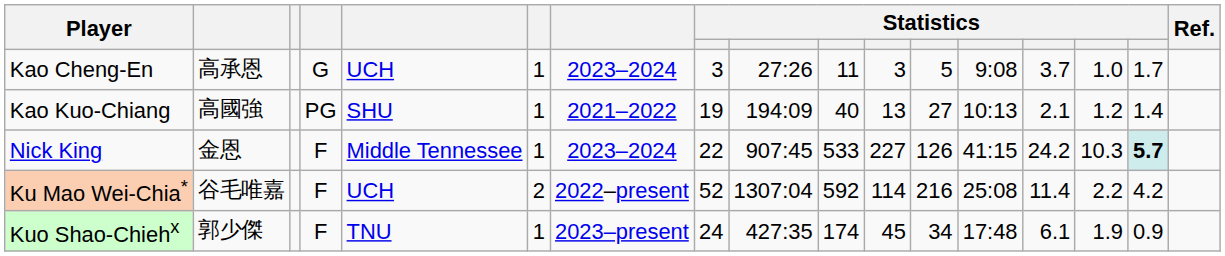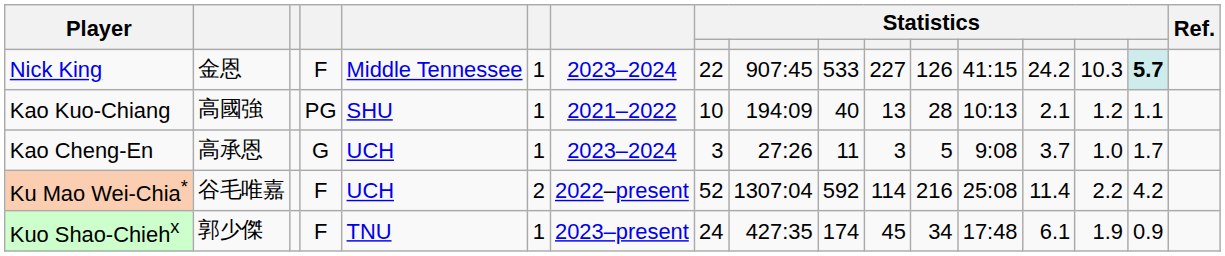 <table class="wikitable sortable" style="font-size:95%; text-align:right;">
 <tr>
 <th rowspan="2">Player</th>
 <th rowspan="2"></th>
 <th rowspan="2"></th>
 <th rowspan="2"></th>
 <th rowspan="2"></th>
 <th rowspan="2"></th>
 <th rowspan="2"></th>
 <th colspan="9">Statistics</th>
 <th rowspan="2">Ref.</th>
 </tr>
 <tr>
 <th></th>
 <th></th>
 <th></th>
 <th></th>
 <th></th>
 <th></th>
 <th></th>
 <th></th>
 <th></th>
 </tr>
 <tr>
+<td align="left"><a href='#'>Nick King</a></td>
+<td align="left">金恩</td>
+<td align="center"></td>
+<td align="center">F</td>
+<td align="left"><a href='#'>Middle Tennessee</a></td>
+<td align="center">1</td>
+<td align="center"><a href='#'>2023–2024</a></td>
+<td>22</td>
+<td>907:45</td>
+<td>533</td>
+<td>227</td>
+<td>126</td>
+<td>41:15</td>
+<td>24.2</td>
+<td>10.3</td>
+<td bgcolor="#CFECEC"><strong>5.7</strong></td>
+<td align="center"></td>
+</tr>
+<tr>
+<td align="left">Kao Kuo-Chiang</td>
+<td align="left">高國強</td>
+<td align="center"></td>
+<td align="center">PG</td>
+<td align="left"><a href='#'>SHU</a></td>
+<td align="center">1</td>
+<td align="center"><a href='#'>2021–2022</a></td>
+<td>10</td>
+<td>194:09</td>
+<td>40</td>
+<td>13</td>
+<td>28</td>
+<td>10:13</td>
+<td>2.1</td>
+<td>1.2</td>
+<td>1.1</td>
+<td align="center"></td>
+</tr>
+<tr>
 <td align="left">Kao Cheng-En</td>
 <td align="left">高承恩</td>
 <td align="center"></td>
 <td align="center">G</td>
 <td align="left"><a href='#'>UCH</a></td>
 <td align="center">1</td>
 <td align="center"><a href='#'>2023–2024</a></td>
 <td>3</td>
 <td>27:26</td>
 <td>11</td>
 <td>3</td>
 <td>5</td>
 <td>9:08</td>
 <td>3.7</td>
 <td>1.0</td>
 <td>1.7</td>
-<td align="center"></td>
-</tr>
-<tr>
-<td align="left">Kao Kuo-Chiang</td>
-<td align="left">高國強</td>
-<td align="center"></td>
-<td align="center">PG</td>
-<td align="left"><a href='#'>SHU</a></td>
-<td align="center">1</td>
-<td align="center"><a href='#'>2021–2022</a></td>
-<td>19</td>
-<td>194:09</td>
-<td>40</td>
-<td>13</td>
-<td>27</td>
-<td>10:13</td>
-<td>2.1</td>
-<td>1.2</td>
-<td>1.4</td>
-<td align="center"></td>
-</tr>
-<tr>
-<td align="left"><a href='#'>Nick King</a></td>
-<td align="left">金恩</td>
-<td align="center"></td>
-<td align="center">F</td>
-<td align="left"><a href='#'>Middle Tennessee</a></td>
-<td align="center">1</td>
-<td align="center"><a href='#'>2023–2024</a></td>
-<td>22</td>
-<td>907:45</td>
-<td>533</td>
-<td>227</td>
-<td>126</td>
-<td>41:15</td>
-<td>24.2</td>
-<td>10.3</td>
-<td bgcolor="#CFECEC"><strong>5.7</strong></td>
 <td align="center"></td>
 </tr>
 <tr>
 <td align="left" bgcolor="#FBCEB1">Ku Mao Wei-Chia<sup>*</sup></td>
 <td align="left">谷毛唯嘉</td>
 <td align="center"></td>
 <td align="center">F</td>
 <td align="left"><a href='#'>UCH</a></td>
 <td align="center">2</td>
 <td align="center"><a href='#'>2022</a>–<a href='#'>present</a></td>
 <td>52</td>
 <td>1307:04</td>
 <td>592</td>
 <td>114</td>
 <td>216</td>
 <td>25:08</td>
 <td>11.4</td>
 <td>2.2</td>
 <td>4.2</td>
 <td align="center"></td>
 </tr>
 <tr>
 <td align="left" bgcolor="#CCFFCC">Kuo Shao-Chieh<sup>x</sup></td>
 <td align="left">郭少傑</td>
 <td align="center"></td>
 <td align="center">F</td>
 <td align="left"><a href='#'>TNU</a></td>
 <td align="center">1</td>
 <td align="center"><a href='#'>2023–present</a></td>
 <td>24</td>
 <td>427:35</td>
 <td>174</td>
 <td>45</td>
 <td>34</td>
 <td>17:48</td>
 <td>6.1</td>
 <td>1.9</td>
 <td>0.9</td>
 <td align="center"></td>
 </tr>
 </table>
